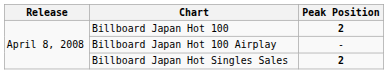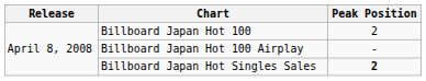 <table class="wikitable" width="500px">
 <tr>
 <th>Release</th>
 <th>Chart</th>
 <th>Peak Position</th>
 </tr>
 <tr>
 <td rowspan="3">April 8, 2008</td>
 <td>Billboard Japan Hot 100</td>
-<td align="center"><strong>2</strong></td>
+<td align="center">2</td>
 </tr>
 <tr>
 <td>Billboard Japan Hot 100 Airplay</td>
 <td align="center">-</td>
 </tr>
 <tr>
 <td>Billboard Japan Hot Singles Sales</td>
 <td align="center"><strong>2</strong></td>
 </tr>
 </table>
